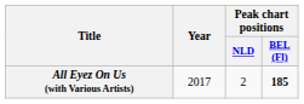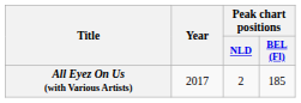 <table class="wikitable plainrowheaders" style="text-align:center;">
 <tr>
 <th scope="col" rowspan="2" style="width:14em;">Title</th>
 <th scope="col" rowspan="2" style="width:4em;">Year</th>
 <th scope="col" colspan="2">Peak chart positions</th>
 </tr>
 <tr>
 <th scope="col" style="width:3em;font-size:90%;"><a href='#'>NLD</a><br></th>
 <th scope="col" style="width:3em;font-size:90%;"><a href='#'>BEL<br>(Fl)</a><br></th>
 </tr>
 <tr>
 <th scope="row"><em>All Eyez On Us</em> <br><small>(with Various Artists)</small></th>
 <td>2017</td>
 <td>2</td>
-<td><strong>185</strong></td>
+<td>185</td>
 </tr>
 </table>
